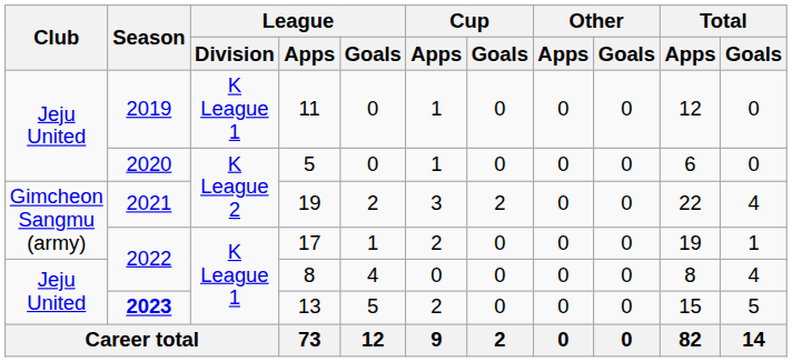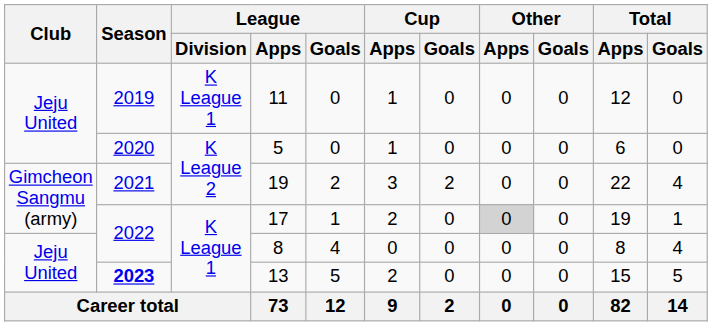 <table class="wikitable" style="text-align: center">
 <tr>
 <th rowspan="2">Club</th>
 <th rowspan="2">Season</th>
 <th colspan="3">League</th>
 <th colspan="2">Cup</th>
 <th colspan="2">Other</th>
 <th colspan="2">Total</th>
 </tr>
 <tr>
 <th>Division</th>
 <th>Apps</th>
 <th>Goals</th>
 <th>Apps</th>
 <th>Goals</th>
 <th>Apps</th>
 <th>Goals</th>
 <th>Apps</th>
 <th>Goals</th>
 </tr>
 <tr>
 <td rowspan=2><a href='#'>Jeju United</a></td>
 <td><a href='#'>2019</a></td>
 <td><a href='#'>K League 1</a></td>
 <td>11</td>
 <td>0</td>
 <td>1</td>
 <td>0</td>
 <td>0</td>
 <td>0</td>
 <td>12</td>
 <td>0</td>
 </tr>
 <tr>
 <td><a href='#'>2020</a></td>
 <td rowspan=2><a href='#'>K League 2</a></td>
 <td>5</td>
 <td>0</td>
 <td>1</td>
 <td>0</td>
 <td>0</td>
 <td>0</td>
 <td>6</td>
 <td>0</td>
 </tr>
 <tr>
 <td rowspan=2><a href='#'>Gimcheon Sangmu</a> (army)</td>
 <td><a href='#'>2021</a></td>
 <td>19</td>
 <td>2</td>
 <td>3</td>
 <td>2</td>
 <td>0</td>
 <td>0</td>
 <td>22</td>
 <td>4</td>
 </tr>
 <tr>
 <td rowspan=2><a href='#'>2022</a></td>
 <td rowspan=3><a href='#'>K League 1</a></td>
 <td>17</td>
 <td>1</td>
 <td>2</td>
 <td>0</td>
-<td>0</td>
+<td style="background: lightgrey;">0</td>
 <td>0</td>
 <td>19</td>
 <td>1</td>
 </tr>
 <tr>
 <td rowspan=2><a href='#'>Jeju United</a></td>
 <td>8</td>
 <td>4</td>
 <td>0</td>
 <td>0</td>
 <td>0</td>
 <td>0</td>
 <td>8</td>
 <td>4</td>
 </tr>
 <tr>
 <td><strong><a href='#'>2023</a></strong></td>
 <td>13</td>
 <td>5</td>
 <td>2</td>
 <td>0</td>
 <td>0</td>
 <td>0</td>
 <td>15</td>
 <td>5</td>
 </tr>
 <tr>
 <th colspan=3>Career total</th>
 <th>73</th>
 <th>12</th>
 <th>9</th>
 <th>2</th>
 <th>0</th>
 <th>0</th>
 <th>82</th>
 <th>14</th>
 </tr>
 </table>
